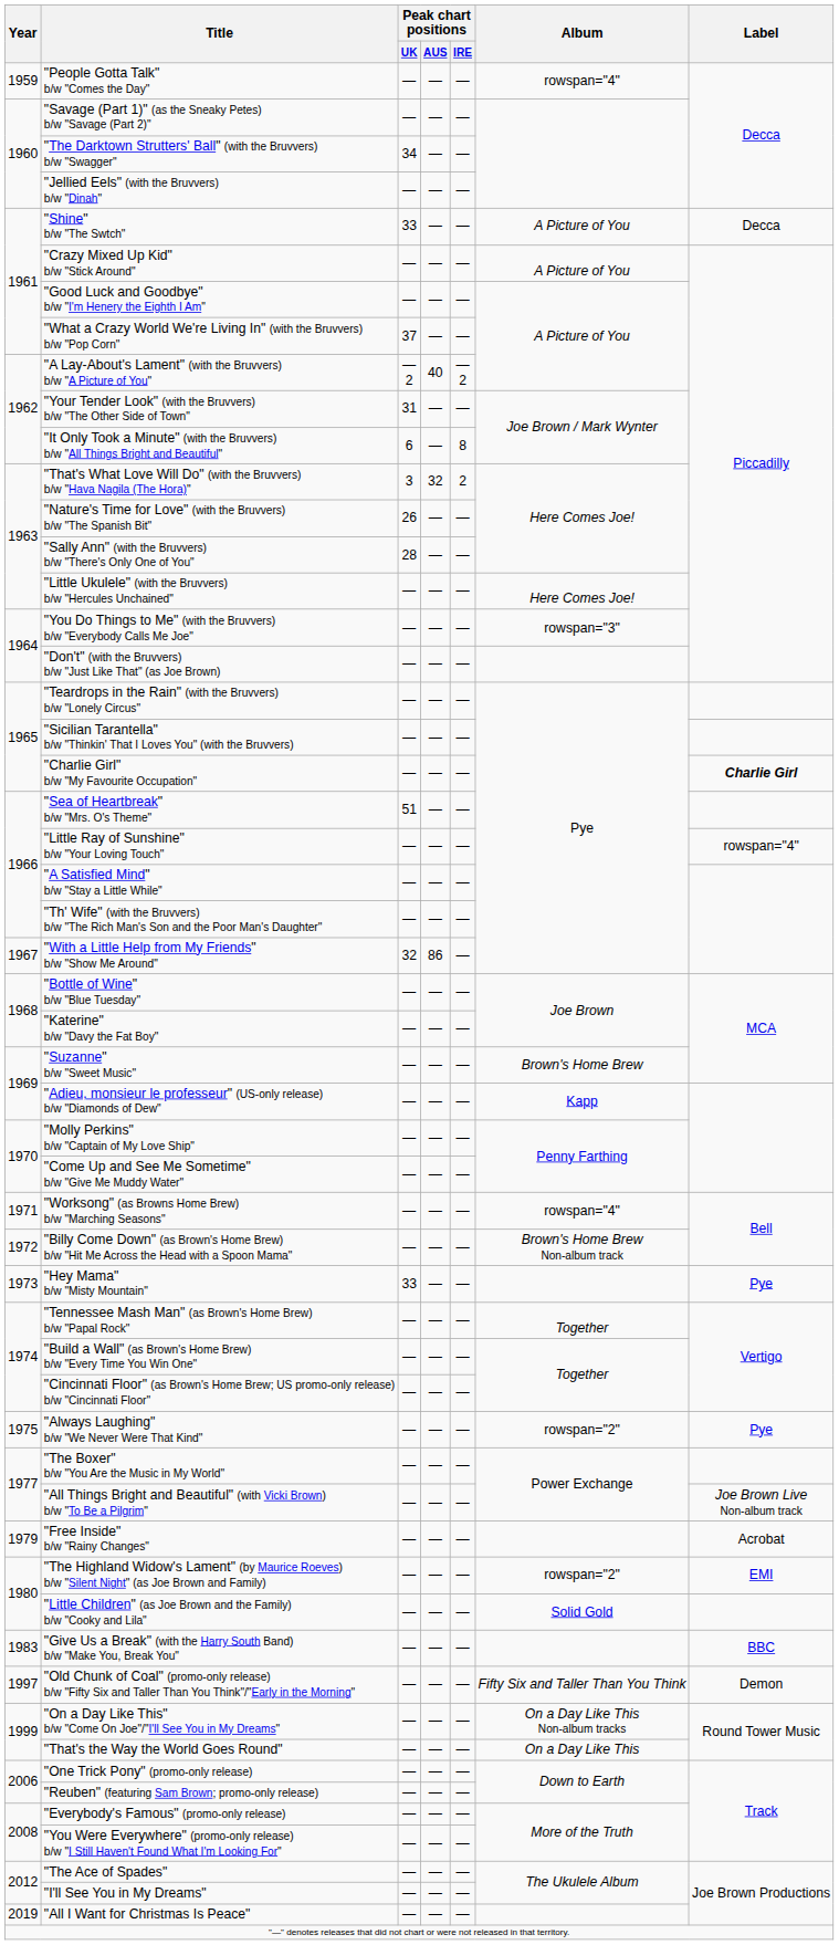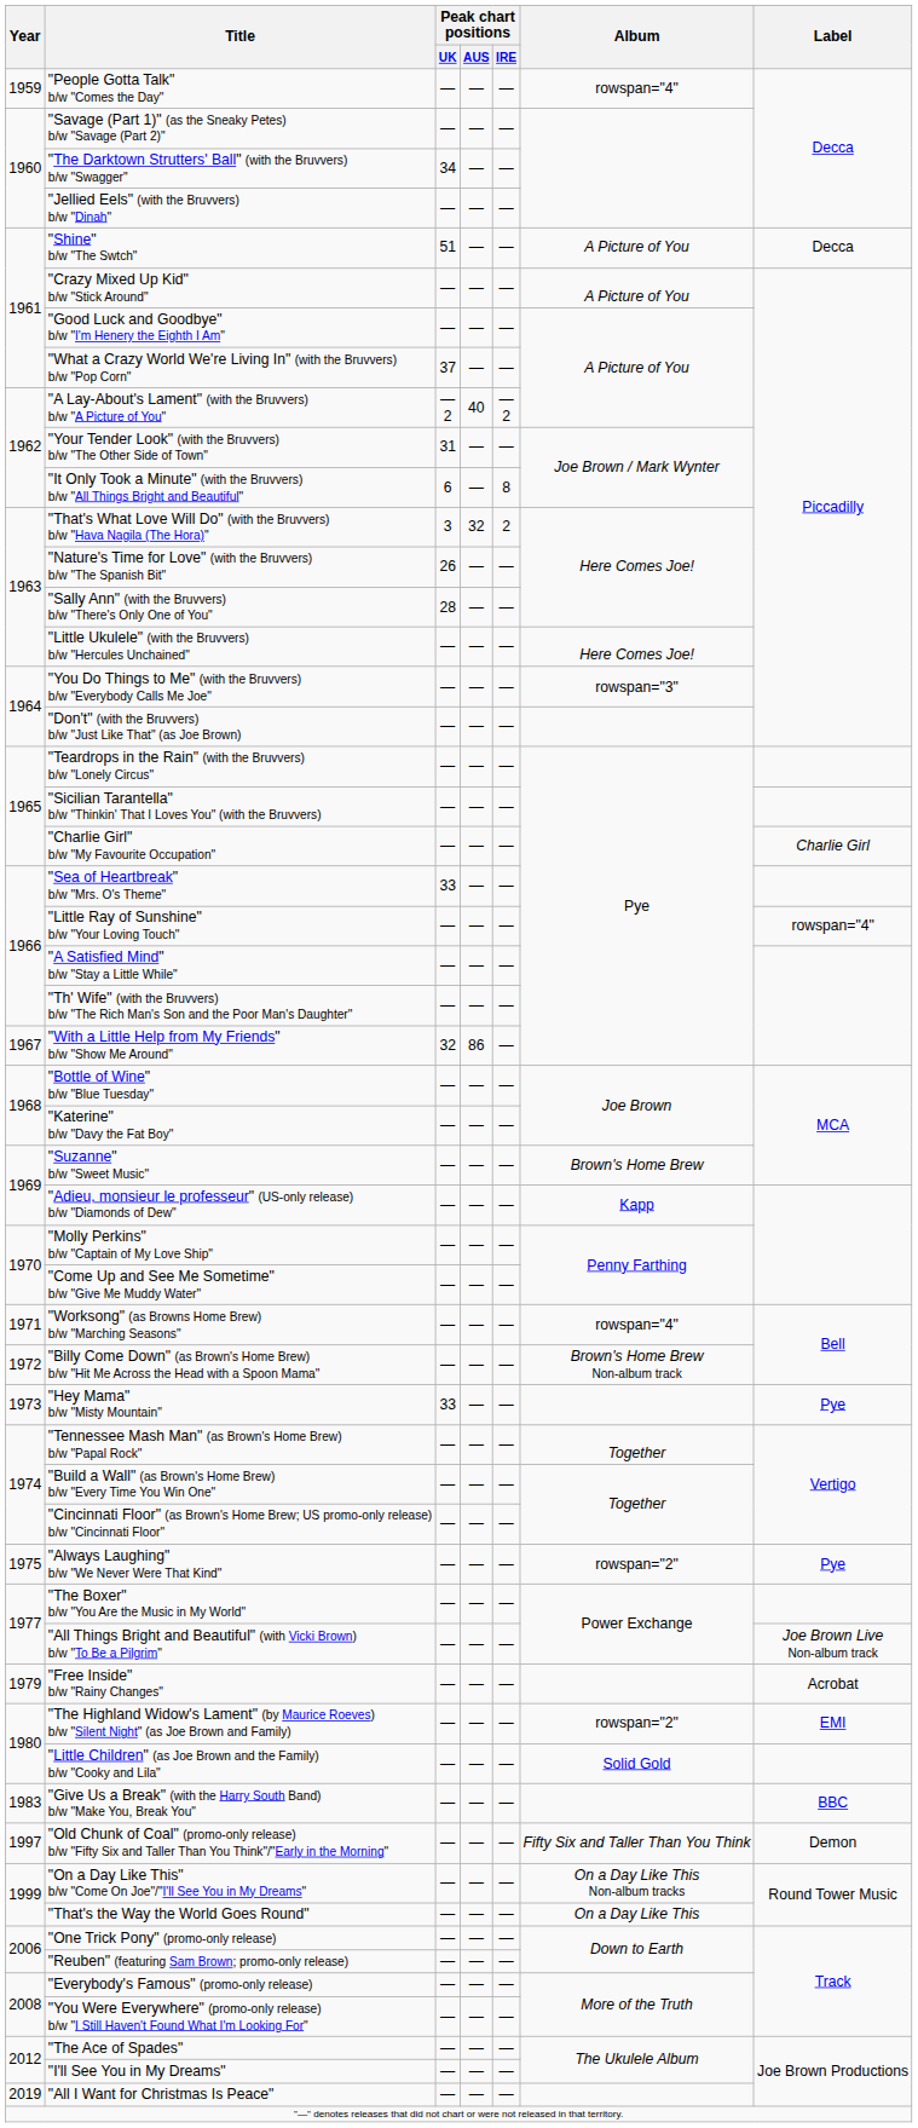 <table class="wikitable" style="text-align:center">
 <tr>
 <th rowspan="2">Year</th>
 <th rowspan="2">Title</th>
 <th colspan="3">Peak chart<br>positions</th>
 <th rowspan="2">Album</th>
 <th rowspan="2">Label</th>
 </tr>
 <tr>
 <th><small><a href='#'>UK</a></small><br></th>
 <th><small><a href='#'>AUS</a></small></th>
 <th><small><a href='#'>IRE</a></small><br></th>
 </tr>
 <tr>
 <td>1959</td>
 <td align="left">"People Gotta Talk"<br><small>b/w "Comes the Day"</small></td>
 <td align="center">—</td>
 <td>—</td>
 <td>—</td>
 <td>rowspan="4" </td>
 <td rowspan="4"><a href='#'>Decca</a></td>
 </tr>
 <tr>
 <td rowspan="3">1960</td>
 <td align="left">"Savage (Part 1)" <small>(as the Sneaky Petes)</small><br><small>b/w "Savage (Part 2)"</small></td>
 <td align="center">—</td>
 <td>—</td>
 <td>—</td>
 </tr>
 <tr>
 <td align="left">"<a href='#'>The Darktown Strutters' Ball</a>" <small>(with the Bruvvers)</small><br><small>b/w "Swagger"</small></td>
 <td align="center">34</td>
 <td>—</td>
 <td>—</td>
 </tr>
 <tr>
 <td align="left">"Jellied Eels" <small>(with the Bruvvers)</small><br><small>b/w "<a href='#'>Dinah</a>"</small></td>
 <td align="center">—</td>
 <td>—</td>
 <td>—</td>
 </tr>
 <tr>
 <td rowspan="4">1961</td>
 <td align="left">"<a href='#'>Shine</a>"<br><small>b/w "The Swtch"</small></td>
-<td align="center">33</td>
+<td align="center">51</td>
 <td>—</td>
 <td>—</td>
 <td><em>A Picture of You</em></td>
 <td>Decca</td>
 </tr>
 <tr>
 <td align="left">"Crazy Mixed Up Kid"<br><small>b/w "Stick Around"</small></td>
 <td align="center">—</td>
 <td>—</td>
 <td>—</td>
 <td><br><em>A Picture of You</em></td>
 <td rowspan="12"><a href='#'>Piccadilly</a></td>
 </tr>
 <tr>
 <td align="left">"Good Luck and Goodbye"<br><small>b/w "<a href='#'>I'm Henery the Eighth I Am</a>"</small></td>
 <td align="center">—</td>
 <td>—</td>
 <td>—</td>
 <td rowspan="3"><em>A Picture of You</em></td>
 </tr>
 <tr>
 <td align="left">"What a Crazy World We're Living In" <small>(with the Bruvvers)</small><br><small>b/w "Pop Corn"</small></td>
 <td align="center">37</td>
 <td>—</td>
 <td>—</td>
 </tr>
 <tr>
 <td rowspan="3">1962</td>
 <td align="left">"A Lay-About's Lament" <small>(with the Bruvvers)</small><br><small>b/w "<a href='#'>A Picture of You</a>"</small></td>
 <td align="center">—<br>2</td>
 <td>40</td>
 <td>—<br>2</td>
 </tr>
 <tr>
 <td align="left">"Your Tender Look" <small>(with the Bruvvers)</small><br><small>b/w "The Other Side of Town"</small></td>
 <td align="center">31</td>
 <td>—</td>
 <td>—</td>
 <td rowspan="2"><em>Joe Brown / Mark Wynter</em></td>
 </tr>
 <tr>
 <td align="left">"It Only Took a Minute" <small>(with the Bruvvers)</small><br><small>b/w "<a href='#'>All Things Bright and Beautiful</a>"</small></td>
 <td align="center">6</td>
 <td>—</td>
 <td>8</td>
 </tr>
 <tr>
 <td rowspan="4">1963</td>
 <td align="left">"That's What Love Will Do" <small>(with the Bruvvers)</small><br><small>b/w "<a href='#'>Hava Nagila (The Hora)</a>"</small></td>
 <td align="center">3</td>
 <td>32</td>
 <td>2</td>
 <td rowspan="3"><em>Here Comes Joe!</em></td>
 </tr>
 <tr>
 <td align="left">"Nature's Time for Love" <small>(with the Bruvvers)</small><br><small>b/w "The Spanish Bit"</small></td>
 <td align="center">26</td>
 <td>—</td>
 <td>—</td>
 </tr>
 <tr>
 <td align="left">"Sally Ann" <small>(with the Bruvvers)</small><br><small>b/w "There's Only One of You"</small></td>
 <td align="center">28</td>
 <td>—</td>
 <td>—</td>
 </tr>
 <tr>
 <td align="left">"Little Ukulele" <small>(with the Bruvvers)</small><br><small>b/w "Hercules Unchained"</small></td>
 <td align="center">—</td>
 <td>—</td>
 <td>—</td>
 <td><br><em>Here Comes Joe!</em></td>
 </tr>
 <tr>
 <td rowspan="2">1964</td>
 <td align="left">"You Do Things to Me" <small>(with the Bruvvers)</small><br><small>b/w "Everybody Calls Me Joe"</small></td>
 <td align="center">—</td>
 <td>—</td>
 <td>—</td>
 <td>rowspan="3" </td>
 </tr>
 <tr>
 <td align="left">"Don't" <small>(with the Bruvvers)</small><br><small>b/w "Just Like That" (as Joe Brown)</small></td>
 <td align="center">—</td>
 <td>—</td>
 <td>—</td>
 </tr>
 <tr>
 <td rowspan="3">1965</td>
 <td align="left">"Teardrops in the Rain" <small>(with the Bruvvers)</small><br><small>b/w "Lonely Circus"</small></td>
 <td align="center">—</td>
 <td>—</td>
 <td>—</td>
 <td rowspan="8">Pye</td>
 </tr>
 <tr>
 <td align="left">"Sicilian Tarantella"<br><small>b/w "Thinkin' That I Loves You" (with the Bruvvers)</small></td>
 <td align="center">—</td>
 <td>—</td>
 <td>—</td>
 <td></td>
 </tr>
 <tr>
 <td align="left">"Charlie Girl"<br><small>b/w "My Favourite Occupation"</small></td>
 <td align="center">—</td>
 <td>—</td>
 <td>—</td>
-<td><strong><em>Charlie Girl</em></strong></td>
+<td><em>Charlie Girl</em></td>
 </tr>
 <tr>
 <td rowspan="4">1966</td>
 <td align="left">"<a href='#'>Sea of Heartbreak</a>"<br><small>b/w "Mrs. O's Theme"</small></td>
-<td align="center">51</td>
+<td align="center">33</td>
 <td>—</td>
 <td>—</td>
 <td></td>
 </tr>
 <tr>
 <td align="left">"Little Ray of Sunshine"<br><small>b/w "Your Loving Touch"</small></td>
 <td align="center">—</td>
 <td>—</td>
 <td>—</td>
 <td>rowspan="4" </td>
 </tr>
 <tr>
 <td align="left">"<a href='#'>A Satisfied Mind</a>"<br><small>b/w "Stay a Little While"</small></td>
 <td align="center">—</td>
 <td>—</td>
 <td>—</td>
 </tr>
 <tr>
 <td align="left">"Th' Wife" <small>(with the Bruvvers)</small><br><small>b/w "The Rich Man's Son and the Poor Man's Daughter"</small></td>
 <td align="center">—</td>
 <td>—</td>
 <td>—</td>
 </tr>
 <tr>
 <td>1967</td>
 <td align="left">"<a href='#'>With a Little Help from My Friends</a>"<br><small>b/w "Show Me Around"</small></td>
 <td>32</td>
 <td>86</td>
 <td>—</td>
 </tr>
 <tr>
 <td rowspan="2">1968</td>
 <td align="left">"<a href='#'>Bottle of Wine</a>"<br><small>b/w "Blue Tuesday"</small></td>
 <td align="center">—</td>
 <td>—</td>
 <td>—</td>
 <td rowspan="2"><em>Joe Brown</em></td>
 <td rowspan="3"><a href='#'>MCA</a></td>
 </tr>
 <tr>
 <td align="left">"Katerine"<br><small>b/w "Davy the Fat Boy"</small></td>
 <td align="center">—</td>
 <td>—</td>
 <td>—</td>
 </tr>
 <tr>
 <td rowspan="2">1969</td>
 <td align="left">"<a href='#'>Suzanne</a>"<br><small>b/w "Sweet Music"</small></td>
 <td align="center">—</td>
 <td>—</td>
 <td>—</td>
 <td><em>Brown's Home Brew</em></td>
 </tr>
 <tr>
 <td align="left">"<a href='#'>Adieu, monsieur le professeur</a>" <small>(US-only release)</small><br><small>b/w "Diamonds of Dew"</small></td>
 <td align="center">—</td>
 <td>—</td>
 <td>—</td>
 <td><a href='#'>Kapp</a></td>
 </tr>
 <tr>
 <td rowspan="2">1970</td>
 <td align="left">"Molly Perkins"<br><small>b/w "Captain of My Love Ship"</small></td>
 <td align="center">—</td>
 <td>—</td>
 <td>—</td>
 <td rowspan="2"><a href='#'>Penny Farthing</a></td>
 </tr>
 <tr>
 <td align="left">"Come Up and See Me Sometime"<br><small>b/w "Give Me Muddy Water"</small></td>
 <td align="center">—</td>
 <td>—</td>
 <td>—</td>
 </tr>
 <tr>
 <td>1971</td>
 <td align="left">"Worksong" <small>(as Browns Home Brew)</small><br><small>b/w "Marching Seasons"</small></td>
 <td align="center">—</td>
 <td>—</td>
 <td>—</td>
 <td>rowspan="4" </td>
 <td rowspan="2"><a href='#'>Bell</a></td>
 </tr>
 <tr>
 <td>1972</td>
 <td align="left">"Billy Come Down" <small>(as Brown's Home Brew)</small><br><small>b/w "Hit Me Across the Head with a Spoon Mama"</small></td>
 <td align="center">—</td>
 <td>—</td>
 <td>—</td>
 <td><em>Brown's Home Brew</em><br><small>Non-album track</small></td>
 </tr>
 <tr>
 <td>1973</td>
 <td align="left">"Hey Mama"<br><small>b/w "Misty Mountain"</small></td>
 <td align="center">33</td>
 <td>—</td>
 <td>—</td>
 <td></td>
 <td><a href='#'>Pye</a></td>
 </tr>
 <tr>
 <td rowspan="3">1974</td>
 <td align="left">"Tennessee Mash Man" <small>(as Brown's Home Brew)</small><br><small>b/w "Papal Rock"</small></td>
 <td align="center">—</td>
 <td>—</td>
 <td>—</td>
 <td><br><em>Together</em></td>
 <td rowspan="3"><a href='#'>Vertigo</a></td>
 </tr>
 <tr>
 <td align="left">"Build a Wall" <small>(as Brown's Home Brew)</small><br><small>b/w "Every Time You Win One"</small></td>
 <td align="center">—</td>
 <td>—</td>
 <td>—</td>
 <td rowspan="2"><em>Together</em></td>
 </tr>
 <tr>
 <td align="left">"Cincinnati Floor" <small>(as Brown's Home Brew; US promo-only release)</small><br><small>b/w "Cincinnati Floor"</small></td>
 <td align="center">—</td>
 <td>—</td>
 <td>—</td>
 </tr>
 <tr>
 <td>1975</td>
 <td align="left">"Always Laughing"<br><small>b/w "We Never Were That Kind"</small></td>
 <td align="center">—</td>
 <td>—</td>
 <td>—</td>
 <td>rowspan="2" </td>
 <td><a href='#'>Pye</a></td>
 </tr>
 <tr>
 <td rowspan="2">1977</td>
 <td align="left">"The Boxer"<br><small>b/w "You Are the Music in My World"</small></td>
 <td align="center">—</td>
 <td>—</td>
 <td>—</td>
 <td rowspan="2">Power Exchange</td>
 </tr>
 <tr>
 <td align="left">"All Things Bright and Beautiful" <small>(with <a href='#'>Vicki Brown</a>)</small><br><small>b/w "<a href='#'>To Be a Pilgrim</a>"</small></td>
 <td align="center">—</td>
 <td>—</td>
 <td>—</td>
 <td><em>Joe Brown Live</em><br><small>Non-album track</small></td>
 </tr>
 <tr>
 <td>1979</td>
 <td align="left">"Free Inside"<br><small>b/w "Rainy Changes"</small></td>
 <td align="center">—</td>
 <td>—</td>
 <td>—</td>
 <td></td>
 <td>Acrobat</td>
 </tr>
 <tr>
 <td rowspan="2">1980</td>
 <td align="left">"The Highland Widow's Lament" <small>(by <a href='#'>Maurice Roeves</a>)</small><br><small>b/w "<a href='#'>Silent Night</a>" (as Joe Brown and Family)</small></td>
 <td align="center">—</td>
 <td>—</td>
 <td>—</td>
 <td>rowspan="2" </td>
 <td><a href='#'>EMI</a></td>
 </tr>
 <tr>
 <td align="left">"<a href='#'>Little Children</a>" <small>(as Joe Brown and the Family)</small><br><small>b/w "Cooky and Lila"</small></td>
 <td align="center">—</td>
 <td>—</td>
 <td>—</td>
 <td><a href='#'>Solid Gold</a></td>
 </tr>
 <tr>
 <td>1983</td>
 <td align="left">"Give Us a Break" <small>(with the <a href='#'>Harry South</a> Band)</small><br><small>b/w "Make You, Break You"</small></td>
 <td align="center">—</td>
 <td>—</td>
 <td>—</td>
 <td></td>
 <td><a href='#'>BBC</a></td>
 </tr>
 <tr>
 <td>1997</td>
 <td align="left">"Old Chunk of Coal" <small>(promo-only release)</small><br><small>b/w "Fifty Six and Taller Than You Think"/"<a href='#'>Early in the Morning</a>"</small></td>
 <td align="center">—</td>
 <td>—</td>
 <td>—</td>
 <td><em>Fifty Six and Taller Than You Think</em></td>
 <td>Demon</td>
 </tr>
 <tr>
 <td rowspan="2">1999</td>
 <td align="left">"On a Day Like This"<br><small>b/w "Come On Joe"/"<a href='#'>I'll See You in My Dreams</a>"</small></td>
 <td align="center">—</td>
 <td>—</td>
 <td>—</td>
 <td><em>On a Day Like This</em><br><small>Non-album tracks</small></td>
 <td rowspan="2">Round Tower Music</td>
 </tr>
 <tr>
 <td align="left">"That's the Way the World Goes Round"</td>
 <td>—</td>
 <td>—</td>
 <td>—</td>
 <td><em>On a Day Like This</em></td>
 </tr>
 <tr>
 <td rowspan="2">2006</td>
 <td align="left">"One Trick Pony" <small>(promo-only release)</small></td>
 <td align="center">—</td>
 <td>—</td>
 <td>—</td>
 <td rowspan="2"><em>Down to Earth</em></td>
 <td rowspan="4"><a href='#'>Track</a></td>
 </tr>
 <tr>
 <td align="left">"Reuben" <small>(featuring <a href='#'>Sam Brown</a>; promo-only release)</small></td>
 <td align="center">—</td>
 <td>—</td>
 <td>—</td>
 </tr>
 <tr>
 <td rowspan="2">2008</td>
 <td align="left">"Everybody's Famous" <small>(promo-only release)</small></td>
 <td>—</td>
 <td>—</td>
 <td>—</td>
 <td rowspan="2"><em>More of the Truth</em></td>
 </tr>
 <tr>
 <td align="left">"You Were Everywhere" <small>(promo-only release)</small><br><small>b/w "<a href='#'>I Still Haven't Found What I'm Looking For</a>"</small></td>
 <td>—</td>
 <td>—</td>
 <td>—</td>
 </tr>
 <tr>
 <td rowspan="2">2012</td>
 <td align="left">"The Ace of Spades"</td>
 <td>—</td>
 <td>—</td>
 <td>—</td>
 <td rowspan="2"><em>The Ukulele Album</em></td>
 <td rowspan="3">Joe Brown Productions</td>
 </tr>
 <tr>
 <td align="left">"I'll See You in My Dreams"</td>
 <td>—</td>
 <td>—</td>
 <td>—</td>
 </tr>
 <tr>
 <td>2019</td>
 <td align="left">"All I Want for Christmas Is Peace"</td>
 <td>—</td>
 <td>—</td>
 <td>—</td>
 <td></td>
 </tr>
 <tr>
 <td colspan="7" style="font-size:8pt">"—" denotes releases that did not chart or were not released in that territory.</td>
 </tr>
 </table>
